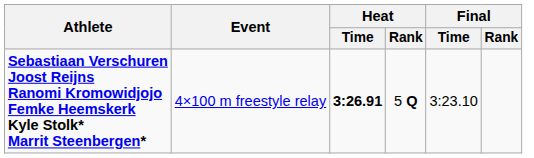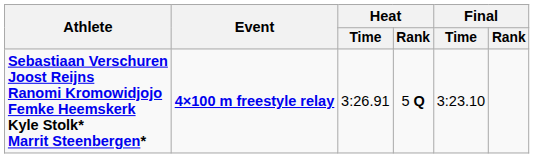 <table class=wikitable style="font-size:90%">
 <tr>
 <th rowspan="2">Athlete</th>
 <th rowspan="2">Event</th>
 <th colspan="2">Heat</th>
 <th colspan="2">Final</th>
 </tr>
 <tr style="font-size:95%">
 <th>Time</th>
 <th>Rank</th>
 <th>Time</th>
 <th>Rank</th>
 </tr>
 <tr align=center>
 <td align=left><strong><a href='#'>Sebastiaan Verschuren</a><br><a href='#'>Joost Reijns</a><br><a href='#'>Ranomi Kromowidjojo</a><br><a href='#'>Femke Heemskerk</a><br>Kyle Stolk*<br><a href='#'>Marrit Steenbergen</a>*</strong></td>
-<td align=left><a href='#'>4×100 m freestyle relay</a></td>
-<td><strong>3:26.91</strong></td>
+<td align=left><strong><a href='#'>4×100 m freestyle relay</a></strong></td>
+<td>3:26.91</td>
 <td>5 <strong>Q</strong></td>
 <td>3:23.10</td>
 <td></td>
 </tr>
 </table>
